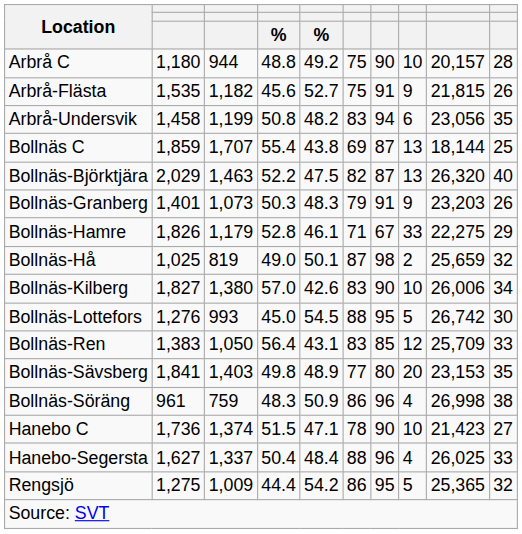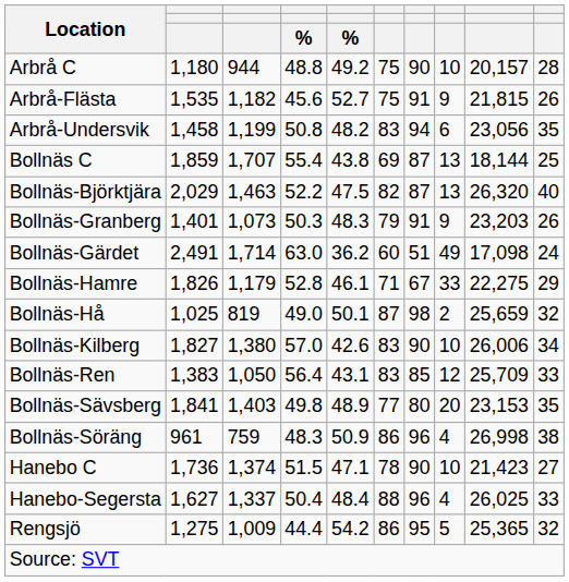 <table role="presentation" class="wikitable sortable mw-collapsible">
 <tr>
 <th rowspan="3">Location</th>
 <th></th>
 <th></th>
 <th></th>
 <th></th>
 <th></th>
 <th></th>
 <th></th>
 <th></th>
 <th></th>
 </tr>
 <tr>
 <th></th>
 <th></th>
 <th style="background:"></th>
 <th style="background:"></th>
 <th></th>
 <th></th>
 <th></th>
 <th></th>
 <th></th>
 </tr>
 <tr>
 <th data-sort-type="number"></th>
 <th data-sort-type="number"></th>
 <th data-sort-type="number">%</th>
 <th data-sort-type="number">%</th>
 <th data-sort-type="number"></th>
 <th data-sort-type="number"></th>
 <th data-sort-type="number"></th>
 <th data-sort-type="number"></th>
 <th data-sort-type="number"></th>
 </tr>
 <tr>
 <td align="left">Arbrå C</td>
 <td>1,180</td>
 <td>944</td>
 <td>48.8</td>
 <td>49.2</td>
 <td>75</td>
 <td>90</td>
 <td>10</td>
 <td>20,157</td>
 <td>28</td>
 </tr>
 <tr>
 <td align="left">Arbrå-Flästa</td>
 <td>1,535</td>
 <td>1,182</td>
 <td>45.6</td>
 <td>52.7</td>
 <td>75</td>
 <td>91</td>
 <td>9</td>
 <td>21,815</td>
 <td>26</td>
 </tr>
 <tr>
 <td align="left">Arbrå-Undersvik</td>
 <td>1,458</td>
 <td>1,199</td>
 <td>50.8</td>
 <td>48.2</td>
 <td>83</td>
 <td>94</td>
 <td>6</td>
 <td>23,056</td>
 <td>35</td>
 </tr>
 <tr>
 <td align="left">Bollnäs C</td>
 <td>1,859</td>
 <td>1,707</td>
 <td>55.4</td>
 <td>43.8</td>
 <td>69</td>
 <td>87</td>
 <td>13</td>
 <td>18,144</td>
 <td>25</td>
 </tr>
 <tr>
 <td align="left">Bollnäs-Björktjära</td>
 <td>2,029</td>
 <td>1,463</td>
 <td>52.2</td>
 <td>47.5</td>
 <td>82</td>
 <td>87</td>
 <td>13</td>
 <td>26,320</td>
 <td>40</td>
 </tr>
 <tr>
 <td align="left">Bollnäs-Granberg</td>
 <td>1,401</td>
 <td>1,073</td>
 <td>50.3</td>
 <td>48.3</td>
 <td>79</td>
 <td>91</td>
 <td>9</td>
 <td>23,203</td>
 <td>26</td>
 </tr>
 <tr>
+<td align="left">Bollnäs-Gärdet</td>
+<td>2,491</td>
+<td>1,714</td>
+<td>63.0</td>
+<td>36.2</td>
+<td>60</td>
+<td>51</td>
+<td>49</td>
+<td>17,098</td>
+<td>24</td>
+</tr>
+<tr>
 <td align="left">Bollnäs-Hamre</td>
 <td>1,826</td>
 <td>1,179</td>
 <td>52.8</td>
 <td>46.1</td>
 <td>71</td>
 <td>67</td>
 <td>33</td>
 <td>22,275</td>
 <td>29</td>
 </tr>
 <tr>
 <td align="left">Bollnäs-Hå</td>
 <td>1,025</td>
 <td>819</td>
 <td>49.0</td>
 <td>50.1</td>
 <td>87</td>
 <td>98</td>
 <td>2</td>
 <td>25,659</td>
 <td>32</td>
 </tr>
 <tr>
 <td align="left">Bollnäs-Kilberg</td>
 <td>1,827</td>
 <td>1,380</td>
 <td>57.0</td>
 <td>42.6</td>
 <td>83</td>
 <td>90</td>
 <td>10</td>
 <td>26,006</td>
 <td>34</td>
-</tr>
-<tr>
-<td align="left">Bollnäs-Lottefors</td>
-<td>1,276</td>
-<td>993</td>
-<td>45.0</td>
-<td>54.5</td>
-<td>88</td>
-<td>95</td>
-<td>5</td>
-<td>26,742</td>
-<td>30</td>
 </tr>
 <tr>
 <td align="left">Bollnäs-Ren</td>
 <td>1,383</td>
 <td>1,050</td>
 <td>56.4</td>
 <td>43.1</td>
 <td>83</td>
 <td>85</td>
 <td>12</td>
 <td>25,709</td>
 <td>33</td>
 </tr>
 <tr>
 <td align="left">Bollnäs-Sävsberg</td>
 <td>1,841</td>
 <td>1,403</td>
 <td>49.8</td>
 <td>48.9</td>
 <td>77</td>
 <td>80</td>
 <td>20</td>
 <td>23,153</td>
 <td>35</td>
 </tr>
 <tr>
 <td align="left">Bollnäs-Söräng</td>
 <td>961</td>
 <td>759</td>
 <td>48.3</td>
 <td>50.9</td>
 <td>86</td>
 <td>96</td>
 <td>4</td>
 <td>26,998</td>
 <td>38</td>
 </tr>
 <tr>
 <td align="left">Hanebo C</td>
 <td>1,736</td>
 <td>1,374</td>
 <td>51.5</td>
 <td>47.1</td>
 <td>78</td>
 <td>90</td>
 <td>10</td>
 <td>21,423</td>
 <td>27</td>
 </tr>
 <tr>
 <td align="left">Hanebo-Segersta</td>
 <td>1,627</td>
 <td>1,337</td>
 <td>50.4</td>
 <td>48.4</td>
 <td>88</td>
 <td>96</td>
 <td>4</td>
 <td>26,025</td>
 <td>33</td>
 </tr>
 <tr>
 <td align="left">Rengsjö</td>
 <td>1,275</td>
 <td>1,009</td>
 <td>44.4</td>
 <td>54.2</td>
 <td>86</td>
 <td>95</td>
 <td>5</td>
 <td>25,365</td>
 <td>32</td>
 </tr>
 <tr>
 <td colspan="10" align="left">Source: <a href='#'>SVT</a></td>
 </tr>
 </table>
